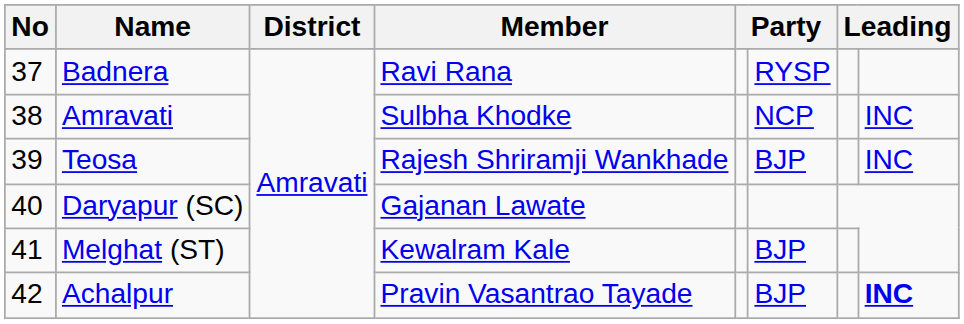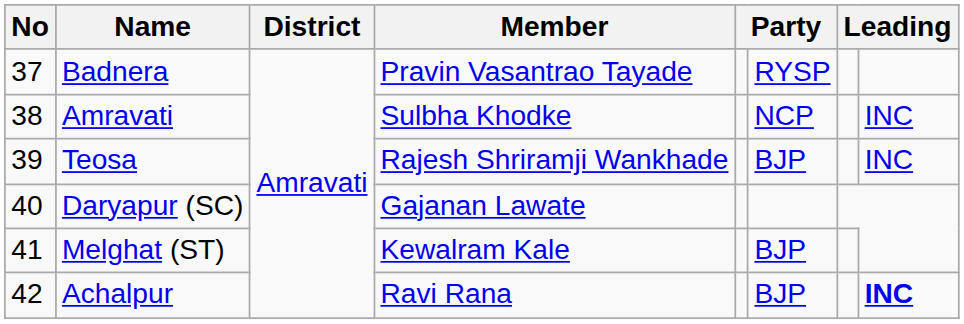 <table class="wikitable">
 <tr>
 <th>No</th>
 <th>Name</th>
 <th>District</th>
 <th>Member</th>
 <th colspan="2">Party</th>
 <th colspan="2">Leading<br></th>
 </tr>
 <tr>
 <td>37</td>
 <td><a href='#'>Badnera</a></td>
 <td rowspan="6"><a href='#'>Amravati</a></td>
-<td><a href='#'>Ravi Rana</a></td>
+<td><a href='#'>Pravin Vasantrao Tayade</a></td>
 <td style="background-color: "></td>
 <td><a href='#'>RYSP</a></td>
 <td></td>
 </tr>
 <tr>
 <td>38</td>
 <td><a href='#'>Amravati</a></td>
 <td><a href='#'>Sulbha Khodke</a></td>
 <td style="background-color: "></td>
 <td><a href='#'>NCP</a></td>
 <td style="background-color: "></td>
 <td><a href='#'>INC</a></td>
 </tr>
 <tr>
 <td>39</td>
 <td><a href='#'>Teosa</a></td>
 <td><a href='#'>Rajesh Shriramji Wankhade</a></td>
 <td style="background-color: "></td>
 <td><a href='#'>BJP</a></td>
 <td style="background-color: "></td>
 <td><a href='#'>INC</a></td>
 </tr>
 <tr>
 <td>40</td>
 <td><a href='#'>Daryapur</a> (SC)</td>
 <td><a href='#'>Gajanan Lawate</a></td>
 <td></td>
 <td></td>
 </tr>
 <tr>
 <td>41</td>
 <td><a href='#'>Melghat</a> (ST)</td>
 <td><a href='#'>Kewalram Kale</a></td>
 <td style="background-color: "></td>
 <td><a href='#'>BJP</a></td>
 <td></td>
 </tr>
 <tr>
 <td>42</td>
 <td><a href='#'>Achalpur</a></td>
-<td><a href='#'>Pravin Vasantrao Tayade</a></td>
+<td><a href='#'>Ravi Rana</a></td>
 <td style="background-color: "></td>
 <td><a href='#'>BJP</a></td>
 <td style="background-color: "></td>
 <td><strong><a href='#'>INC</a></strong></td>
 </tr>
 </table>
